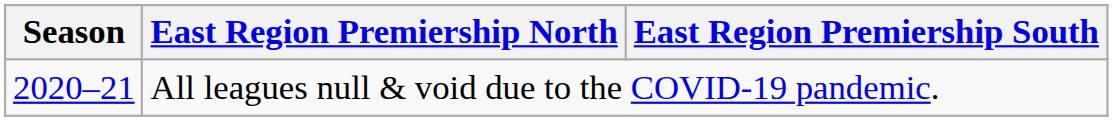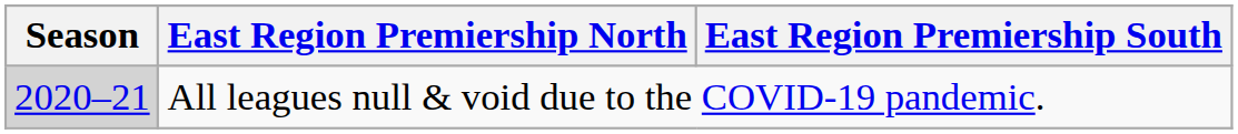 <table class="wikitable">
 <tr>
 <th>Season</th>
 <th><a href='#'>East Region Premiership North</a></th>
 <th><a href='#'>East Region Premiership South</a></th>
 </tr>
 <tr>
-<td style="text-align:left;"><a href='#'>2020–21</a></td>
+<td style="background: lightgrey; text-align:left;"><a href='#'>2020–21</a></td>
 <td colspan="2">All leagues null & void due to the <a href='#'>COVID-19 pandemic</a>.</td>
 </tr>
 </table>
